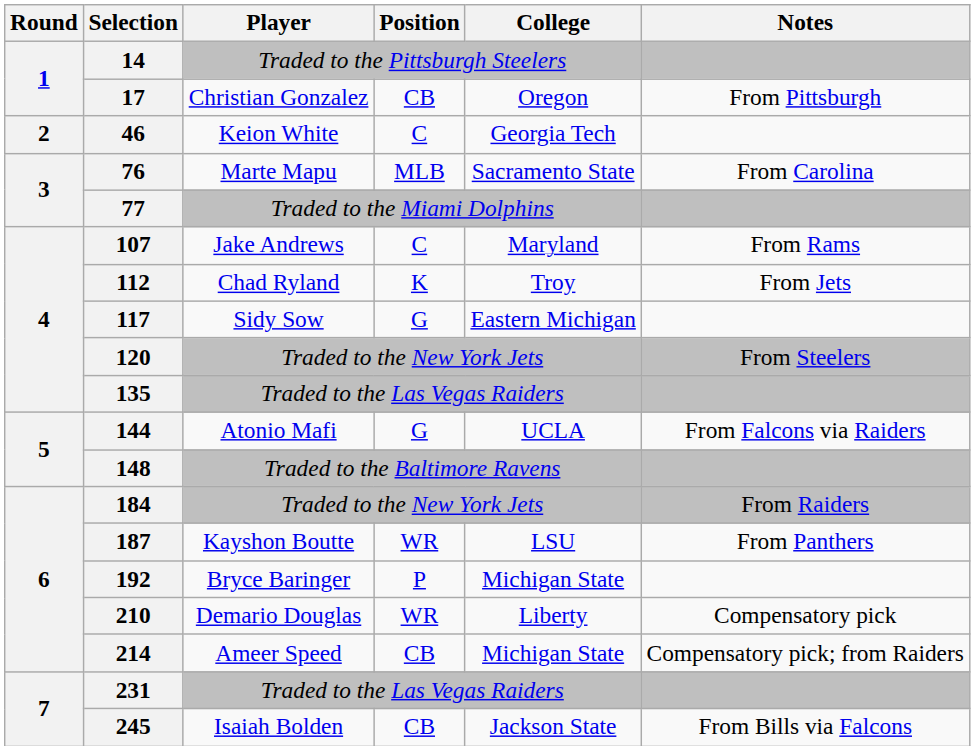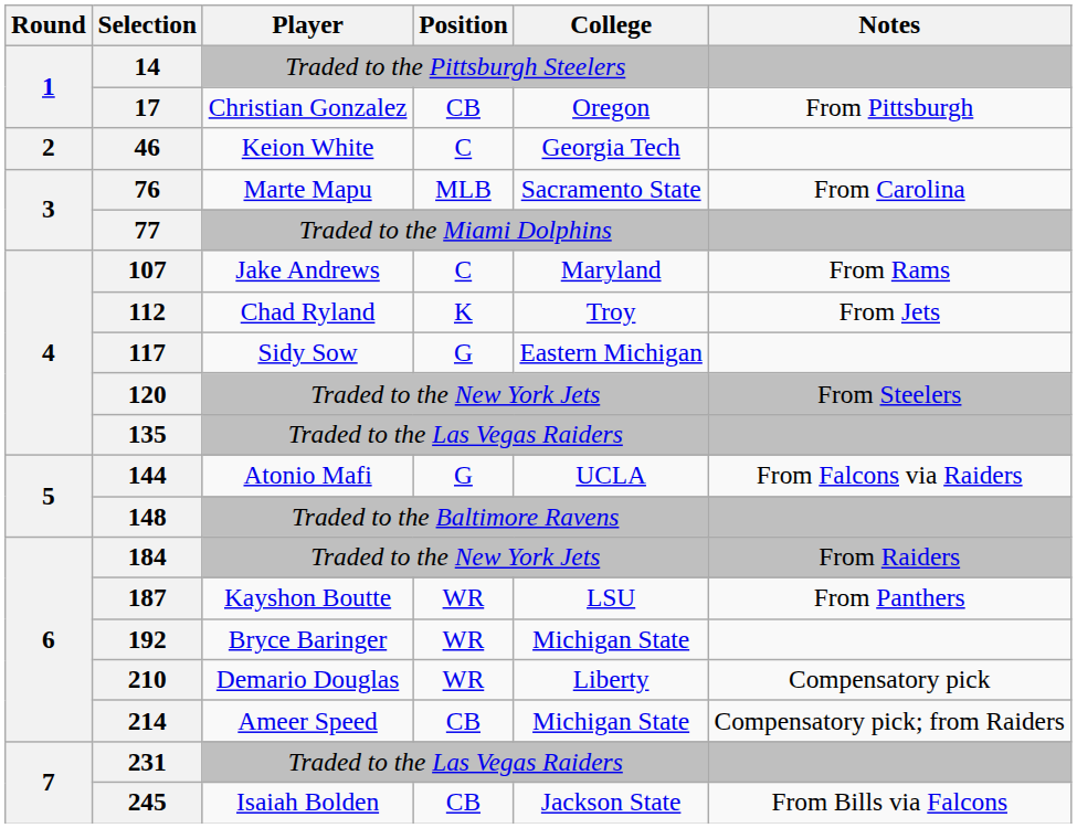 <table class="wikitable" style="text-align:center">
 <tr>
 <th>Round</th>
 <th>Selection</th>
 <th>Player</th>
 <th>Position</th>
 <th>College</th>
 <th>Notes</th>
 </tr>
 <tr>
 <th rowspan="2"><a href='#'>1</a></th>
 <th>14</th>
 <td colspan="3" style="background:#BFBFBF"><em>Traded to the <a href='#'>Pittsburgh Steelers</a></em></td>
 <td style="background:#BFBFBF"></td>
 </tr>
 <tr>
 <th>17</th>
 <td><a href='#'>Christian Gonzalez</a></td>
 <td><a href='#'>CB</a></td>
 <td><a href='#'>Oregon</a></td>
 <td>From <a href='#'>Pittsburgh</a></td>
 </tr>
 <tr>
 <th>2</th>
 <th>46</th>
 <td><a href='#'>Keion White</a></td>
 <td><a href='#'>C</a></td>
 <td><a href='#'>Georgia Tech</a></td>
 <td></td>
 </tr>
 <tr>
 <th rowspan="2">3</th>
 <th>76</th>
 <td><a href='#'>Marte Mapu</a></td>
 <td><a href='#'>MLB</a></td>
 <td><a href='#'>Sacramento State</a></td>
 <td>From <a href='#'>Carolina</a></td>
 </tr>
 <tr>
 <th>77</th>
 <td colspan="3" style="background:#BFBFBF"><em>Traded to the <a href='#'>Miami Dolphins</a></em></td>
 <td style="background:#BFBFBF"></td>
 </tr>
 <tr>
 <th rowspan="5">4</th>
 <th>107</th>
 <td><a href='#'>Jake Andrews</a></td>
 <td><a href='#'>C</a></td>
 <td><a href='#'>Maryland</a></td>
 <td>From <a href='#'>Rams</a></td>
 </tr>
 <tr>
 <th>112</th>
 <td><a href='#'>Chad Ryland</a></td>
 <td><a href='#'>K</a></td>
 <td><a href='#'>Troy</a></td>
 <td>From <a href='#'>Jets</a></td>
 </tr>
 <tr>
 <th>117</th>
 <td><a href='#'>Sidy Sow</a></td>
 <td><a href='#'>G</a></td>
 <td><a href='#'>Eastern Michigan</a></td>
 <td></td>
 </tr>
 <tr>
 <th>120</th>
 <td colspan="3" style="background:#BFBFBF"><em>Traded to the <a href='#'>New York Jets</a></em></td>
 <td style="background:#BFBFBF">From <a href='#'>Steelers</a></td>
 </tr>
 <tr>
 <th>135</th>
 <td colspan="3" style="background:#BFBFBF"><em>Traded to the <a href='#'>Las Vegas Raiders</a></em></td>
 <td style="background:#BFBFBF"></td>
 </tr>
 <tr>
 <th rowspan="2">5</th>
 <th>144</th>
 <td><a href='#'>Atonio Mafi</a></td>
 <td><a href='#'>G</a></td>
 <td><a href='#'>UCLA</a></td>
 <td>From <a href='#'>Falcons</a> via <a href='#'>Raiders</a></td>
 </tr>
 <tr>
 <th>148</th>
 <td colspan="3" style="background:#BFBFBF"><em>Traded to the <a href='#'>Baltimore Ravens</a></em></td>
 <td style="background:#BFBFBF"></td>
 </tr>
 <tr>
 <th rowspan="5">6</th>
 <th>184</th>
 <td colspan="3" style="background:#BFBFBF"><em>Traded to the <a href='#'>New York Jets</a></em></td>
 <td style="background:#BFBFBF">From <a href='#'>Raiders</a></td>
 </tr>
 <tr>
 <th>187</th>
 <td><a href='#'>Kayshon Boutte</a></td>
 <td><a href='#'>WR</a></td>
 <td><a href='#'>LSU</a></td>
 <td>From <a href='#'>Panthers</a></td>
 </tr>
 <tr>
 <th>192</th>
 <td><a href='#'>Bryce Baringer</a></td>
-<td><a href='#'>P</a></td>
+<td><a href='#'>WR</a></td>
 <td><a href='#'>Michigan State</a></td>
 <td></td>
 </tr>
 <tr>
 <th>210</th>
 <td><a href='#'>Demario Douglas</a></td>
 <td><a href='#'>WR</a></td>
 <td><a href='#'>Liberty</a></td>
 <td>Compensatory pick</td>
 </tr>
 <tr>
 <th>214</th>
 <td><a href='#'>Ameer Speed</a></td>
 <td><a href='#'>CB</a></td>
 <td><a href='#'>Michigan State</a></td>
 <td>Compensatory pick; from Raiders</td>
 </tr>
 <tr>
 <th rowspan="2">7</th>
 <th>231</th>
 <td colspan="3" style="background:#BFBFBF"><em>Traded to the <a href='#'>Las Vegas Raiders</a></em></td>
 <td style="background:#BFBFBF"></td>
 </tr>
 <tr>
 <th>245</th>
 <td><a href='#'>Isaiah Bolden</a></td>
 <td><a href='#'>CB</a></td>
 <td><a href='#'>Jackson State</a></td>
 <td>From Bills via <a href='#'>Falcons</a></td>
 </tr>
 </table>
